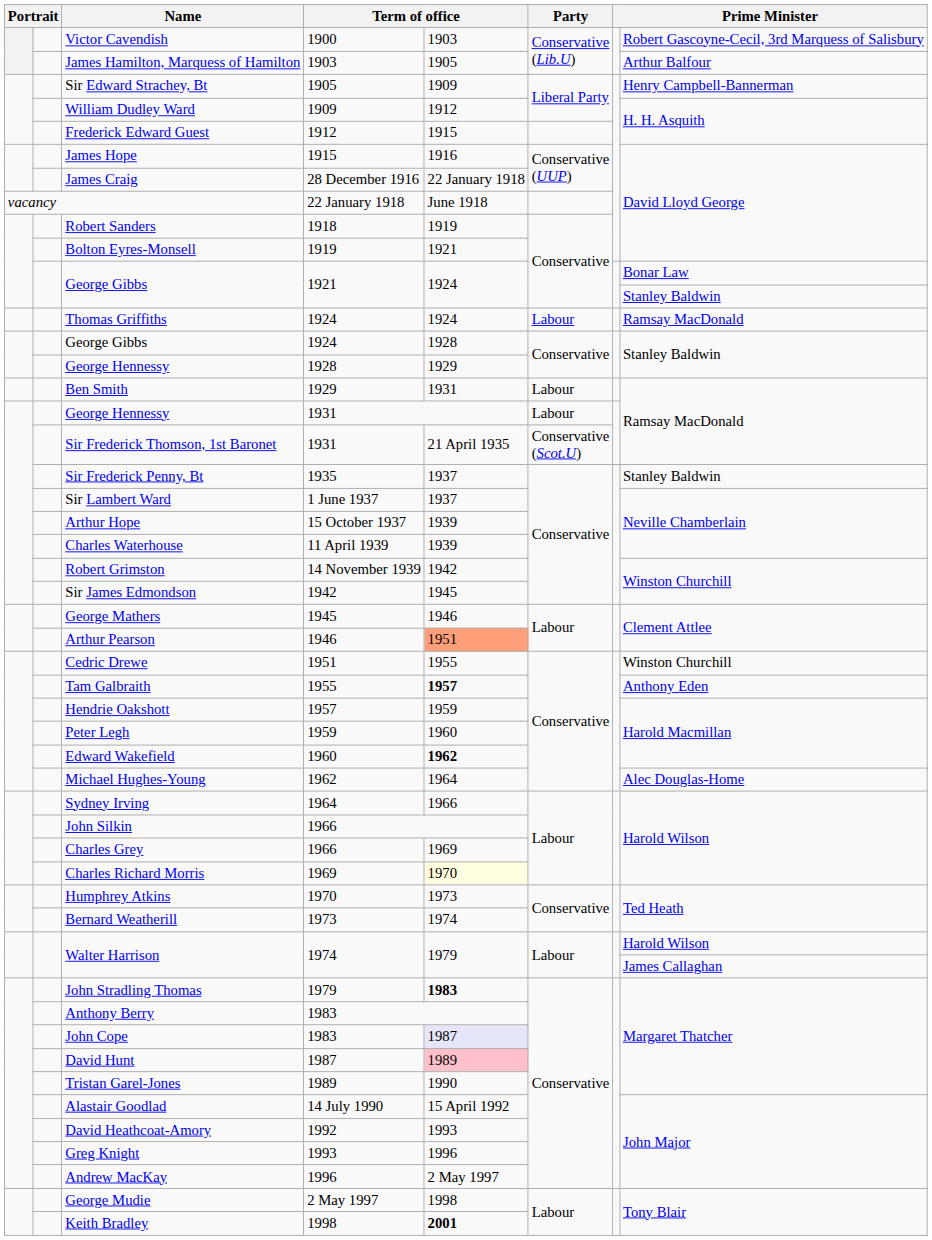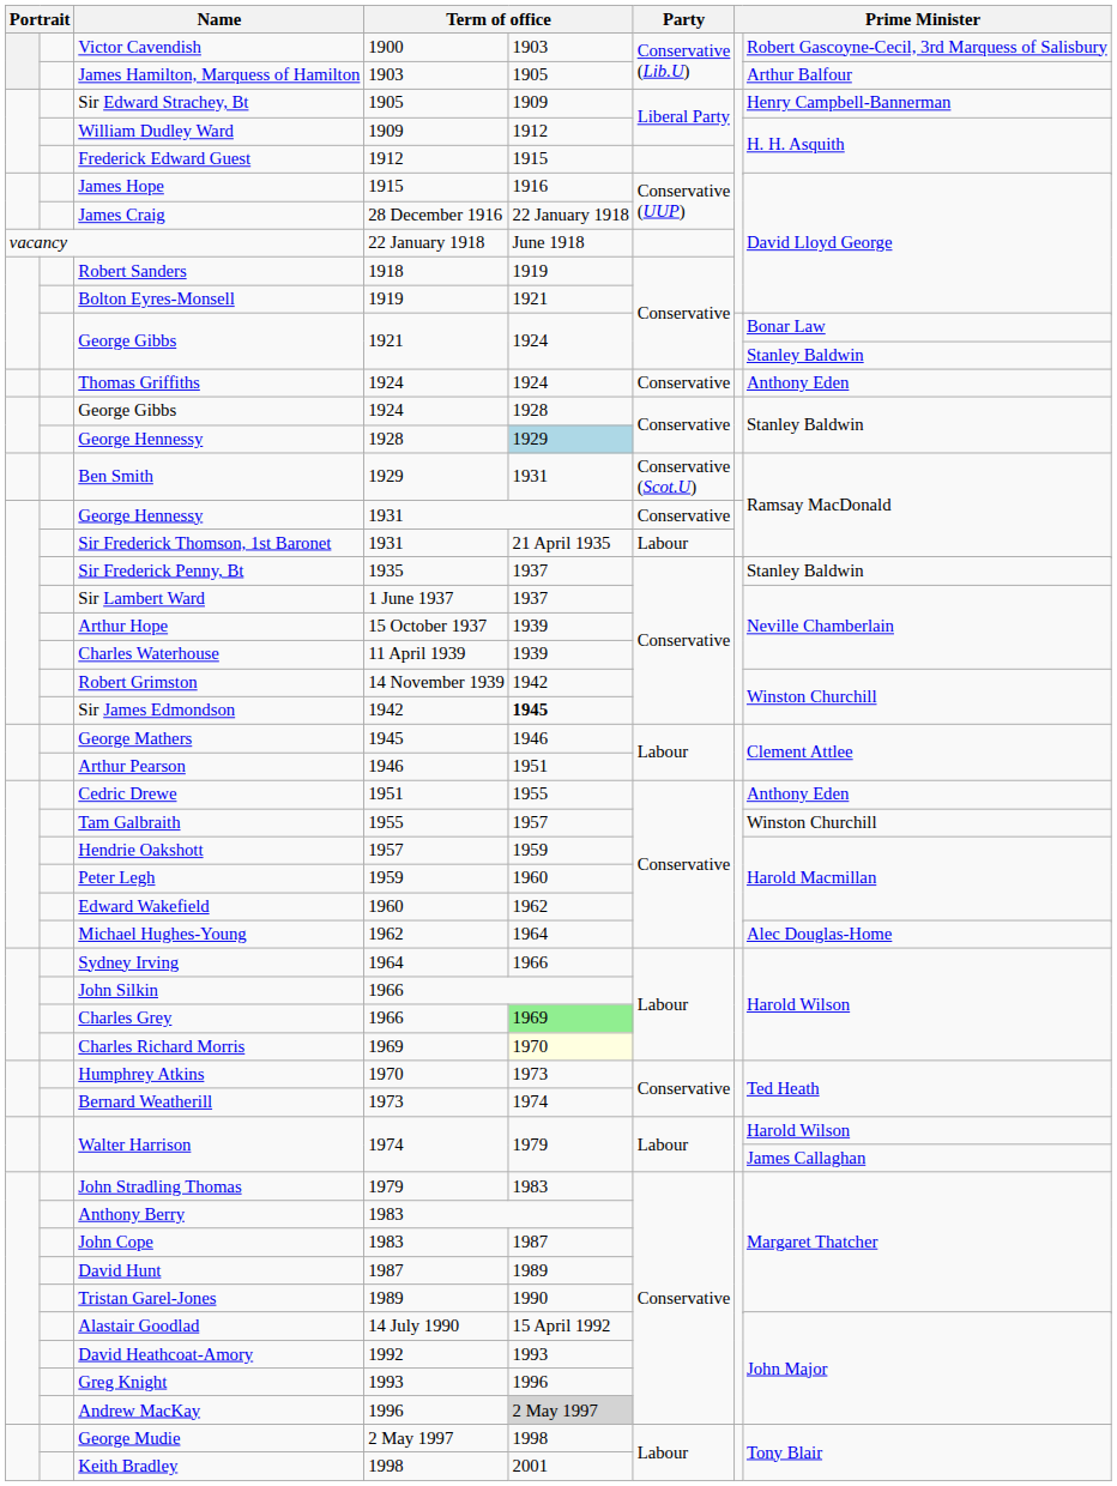 <table class="wikitable">
 <tr>
 <th colspan=2>Portrait</th>
 <th>Name</th>
 <th colspan=2>Term of office</th>
 <th>Party</th>
 <th colspan=2>Prime Minister</th>
 </tr>
 <tr>
 <th rowspan=3 style="background-color: "></th>
 <td rowspan=2></td>
 <td rowspan=2><a href='#'>Victor Cavendish</a></td>
 <td rowspan=2>1900</td>
 <td rowspan=2>1903</td>
 <td rowspan=3><a href='#'>Conservative</a><br>(<em><a href='#'>Lib.U</a></em>)</td>
 <td rowspan=3 style="background-color: "></td>
 <td><a href='#'>Robert Gascoyne-Cecil, 3rd Marquess of Salisbury</a></td>
 </tr>
 <tr>
 <td rowspan=2><a href='#'>Arthur Balfour</a></td>
 </tr>
 <tr>
 <td></td>
 <td><a href='#'>James Hamilton, Marquess of Hamilton</a></td>
 <td>1903</td>
 <td>1905</td>
 </tr>
 <tr>
 <td rowspan=4 style="background:"></td>
 <td rowspan=2></td>
 <td rowspan=2>Sir <a href='#'>Edward Strachey, Bt</a></td>
 <td rowspan=2>1905</td>
 <td rowspan=2>1909</td>
 <td rowspan=3><a href='#'>Liberal Party</a></td>
 <td rowspan=11 style="background:"></td>
 <td><a href='#'>Henry Campbell-Bannerman</a></td>
 </tr>
 <tr>
 <td rowspan=4><a href='#'>H. H. Asquith</a></td>
 </tr>
 <tr>
 <td></td>
 <td><a href='#'>William Dudley Ward</a></td>
 <td>1909</td>
 <td>1912</td>
 </tr>
 <tr>
 <td></td>
 <td><a href='#'>Frederick Edward Guest</a></td>
 <td>1912</td>
 <td>1915</td>
 </tr>
 <tr>
 <td rowspan=3 style="background-color: "></td>
 <td rowspan=2></td>
 <td rowspan=2><a href='#'>James Hope</a></td>
 <td rowspan=2>1915</td>
 <td rowspan=2>1916</td>
 <td rowspan=3>Conservative<br>(<em><a href='#'>UUP</a></em>)</td>
 </tr>
 <tr>
 <td rowspan=6><a href='#'>David Lloyd George</a></td>
 </tr>
 <tr>
 <td></td>
 <td><a href='#'>James Craig</a></td>
 <td>28 December 1916</td>
 <td>22 January 1918</td>
 </tr>
 <tr>
 <td colspan=3><em>vacancy</em></td>
 <td>22 January 1918</td>
 <td>June 1918</td>
 </tr>
 <tr>
 <td rowspan=5 style="background-color: "></td>
 <td></td>
 <td><a href='#'>Robert Sanders</a></td>
 <td>1918</td>
 <td>1919</td>
 <td rowspan=5>Conservative</td>
 </tr>
 <tr>
 <td></td>
 <td><a href='#'>Bolton Eyres-Monsell</a></td>
 <td>1919</td>
 <td>1921</td>
 </tr>
 <tr>
 <td rowspan=3></td>
 <td rowspan=3><a href='#'>George Gibbs</a></td>
 <td rowspan=3>1921</td>
 <td rowspan=3>1924</td>
 </tr>
 <tr>
 <td rowspan=2 style="background-color: "></td>
 <td><a href='#'>Bonar Law</a></td>
 </tr>
 <tr>
 <td><a href='#'>Stanley Baldwin</a></td>
 </tr>
 <tr>
 <td style="background-color: "></td>
 <td></td>
 <td><a href='#'>Thomas Griffiths</a></td>
 <td>1924</td>
 <td>1924</td>
-<td><a href='#'>Labour</a></td>
+<td>Conservative</td>
 <td style="background-color: "></td>
-<td><a href='#'>Ramsay MacDonald</a></td>
+<td><a href='#'>Anthony Eden</a></td>
 </tr>
 <tr>
 <td rowspan=2 style="background-color: "></td>
 <td></td>
 <td>George Gibbs</td>
 <td>1924</td>
 <td>1928</td>
 <td rowspan=2>Conservative</td>
 <td rowspan=2 style="background-color: "></td>
 <td rowspan=2>Stanley Baldwin</td>
 </tr>
 <tr>
 <td></td>
 <td><a href='#'>George Hennessy</a></td>
 <td>1928</td>
-<td>1929</td>
+<td style="background: lightblue;">1929</td>
 </tr>
 <tr>
 <td style="background-color: "></td>
 <td></td>
 <td><a href='#'>Ben Smith</a></td>
 <td>1929</td>
 <td>1931</td>
-<td>Labour</td>
+<td>Conservative<br>(<em><a href='#'>Scot.U</a></em>)</td>
 <td style="background-color: "></td>
 <td rowspan=4>Ramsay MacDonald</td>
 </tr>
 <tr>
 <td rowspan=10 style="background-color: "></td>
 <td></td>
 <td><a href='#'>George Hennessy</a></td>
 <td colspan=2>1931</td>
-<td>Labour</td>
+<td>Conservative</td>
 <td rowspan=3 style="background-color: "></td>
 </tr>
 <tr>
 <td></td>
 <td><a href='#'>Sir Frederick Thomson, 1st Baronet</a></td>
 <td>1931</td>
 <td>21 April 1935</td>
-<td>Conservative<br>(<em><a href='#'>Scot.U</a></em>)</td>
+<td>Labour</td>
 </tr>
 <tr>
 <td rowspan=2></td>
 <td rowspan=2><a href='#'>Sir Frederick Penny, Bt</a></td>
 <td rowspan=2>1935</td>
 <td rowspan=2>1937</td>
 <td rowspan=8>Conservative</td>
 </tr>
 <tr>
 <td rowspan=7 style="background-color: "></td>
 <td>Stanley Baldwin</td>
 </tr>
 <tr>
 <td></td>
 <td>Sir <a href='#'>Lambert Ward</a></td>
 <td>1 June 1937</td>
 <td>1937</td>
 <td rowspan=4><a href='#'>Neville Chamberlain</a></td>
 </tr>
 <tr>
 <td></td>
 <td><a href='#'>Arthur Hope</a></td>
 <td>15 October 1937</td>
 <td>1939</td>
 </tr>
 <tr>
 <td></td>
 <td><a href='#'>Charles Waterhouse</a></td>
 <td>11 April 1939</td>
 <td>1939</td>
 </tr>
 <tr>
 <td rowspan=2></td>
 <td rowspan=2><a href='#'>Robert Grimston</a></td>
 <td rowspan=2>14 November 1939</td>
 <td rowspan=2>1942</td>
 </tr>
 <tr>
 <td rowspan=2><a href='#'>Winston Churchill</a></td>
 </tr>
 <tr>
 <td></td>
 <td>Sir <a href='#'>James Edmondson</a></td>
 <td>1942</td>
-<td>1945</td>
+<td><strong>1945</strong></td>
 </tr>
 <tr>
 <td rowspan=2 style="background-color: "></td>
 <td></td>
 <td><a href='#'>George Mathers</a></td>
 <td>1945</td>
 <td>1946</td>
 <td rowspan=2>Labour</td>
 <td rowspan=2 style="background-color: "></td>
 <td rowspan=2><a href='#'>Clement Attlee</a></td>
 </tr>
 <tr>
 <td></td>
 <td><a href='#'>Arthur Pearson</a></td>
 <td>1946</td>
-<td style="background: lightsalmon;">1951</td>
+<td>1951</td>
 </tr>
 <tr>
 <td rowspan=7 style="background-color: "></td>
 <td></td>
 <td><a href='#'>Cedric Drewe</a></td>
 <td>1951</td>
 <td>1955</td>
 <td rowspan=7>Conservative</td>
 <td rowspan=7 style="background-color: "></td>
-<td>Winston Churchill</td>
+<td><a href='#'>Anthony Eden</a></td>
 </tr>
 <tr>
 <td></td>
 <td><a href='#'>Tam Galbraith</a></td>
 <td>1955</td>
-<td><strong>1957</strong></td>
-<td><a href='#'>Anthony Eden</a></td>
+<td>1957</td>
+<td>Winston Churchill</td>
 </tr>
 <tr>
 <td></td>
 <td><a href='#'>Hendrie Oakshott</a></td>
 <td>1957</td>
 <td>1959</td>
 <td rowspan=4><a href='#'>Harold Macmillan</a></td>
 </tr>
 <tr>
 <td></td>
 <td><a href='#'>Peter Legh</a></td>
 <td>1959</td>
 <td>1960</td>
 </tr>
 <tr>
 <td></td>
 <td><a href='#'>Edward Wakefield</a></td>
 <td>1960</td>
-<td><strong>1962</strong></td>
+<td>1962</td>
 </tr>
 <tr>
 <td rowspan=2></td>
 <td rowspan=2><a href='#'>Michael Hughes-Young</a></td>
 <td rowspan=2>1962</td>
 <td rowspan=2>1964</td>
 </tr>
 <tr>
 <td><a href='#'>Alec Douglas-Home</a></td>
 </tr>
 <tr>
 <td rowspan=4 style="background-color: "></td>
 <td></td>
 <td><a href='#'>Sydney Irving</a></td>
 <td>1964</td>
 <td>1966</td>
 <td rowspan=4>Labour</td>
 <td rowspan=4 style="background-color: "></td>
 <td rowspan=4><a href='#'>Harold Wilson</a></td>
 </tr>
 <tr>
 <td></td>
 <td><a href='#'>John Silkin</a></td>
 <td colspan=2>1966</td>
 </tr>
 <tr>
 <td></td>
 <td><a href='#'>Charles Grey</a></td>
 <td>1966</td>
-<td>1969</td>
+<td style="background: lightgreen;">1969</td>
 </tr>
 <tr>
 <td></td>
 <td><a href='#'>Charles Richard Morris</a></td>
 <td>1969</td>
 <td style="background: lightyellow;">1970</td>
 </tr>
 <tr>
 <td rowspan=2 style="background-color: "></td>
 <td></td>
 <td><a href='#'>Humphrey Atkins</a></td>
 <td>1970</td>
 <td>1973</td>
 <td rowspan=2>Conservative</td>
 <td rowspan=2 style="background-color: "></td>
 <td rowspan=2><a href='#'>Ted Heath</a></td>
 </tr>
 <tr>
 <td></td>
 <td><a href='#'>Bernard Weatherill</a></td>
 <td>1973</td>
 <td>1974</td>
 </tr>
 <tr>
 <td rowspan=2 style="background-color: "></td>
 <td rowspan=2></td>
 <td rowspan=2><a href='#'>Walter Harrison</a></td>
 <td rowspan=2>1974</td>
 <td rowspan=2>1979</td>
 <td rowspan=2>Labour</td>
 <td rowspan=2 style="background-color: "></td>
 <td><a href='#'>Harold Wilson</a></td>
 </tr>
 <tr>
 <td><a href='#'>James Callaghan</a></td>
 </tr>
 <tr>
 <td rowspan=10 style="background-color: "></td>
 <td></td>
 <td><a href='#'>John Stradling Thomas</a></td>
 <td>1979</td>
-<td><strong>1983</strong></td>
+<td>1983</td>
 <td rowspan=10>Conservative</td>
 <td rowspan=10 style="background-color: "></td>
 <td rowspan=6><a href='#'>Margaret Thatcher</a></td>
 </tr>
 <tr>
 <td></td>
 <td><a href='#'>Anthony Berry</a></td>
 <td colspan=2>1983</td>
 </tr>
 <tr>
 <td></td>
 <td><a href='#'>John Cope</a></td>
 <td>1983</td>
-<td style="background: lavender;">1987</td>
+<td>1987</td>
 </tr>
 <tr>
 <td></td>
 <td><a href='#'>David Hunt</a></td>
 <td>1987</td>
-<td style="background: pink;">1989</td>
+<td>1989</td>
 </tr>
 <tr>
 <td></td>
 <td><a href='#'>Tristan Garel-Jones</a></td>
 <td>1989</td>
 <td>1990</td>
 </tr>
 <tr>
 <td rowspan=2></td>
 <td rowspan=2><a href='#'>Alastair Goodlad</a></td>
 <td rowspan=2>14 July 1990</td>
 <td rowspan=2>15 April 1992</td>
 </tr>
 <tr>
 <td rowspan=4><a href='#'>John Major</a></td>
 </tr>
 <tr>
 <td></td>
 <td><a href='#'>David Heathcoat-Amory</a></td>
 <td>1992</td>
 <td>1993</td>
 </tr>
 <tr>
 <td></td>
 <td><a href='#'>Greg Knight</a></td>
 <td>1993</td>
 <td>1996</td>
 </tr>
 <tr>
 <td></td>
 <td><a href='#'>Andrew MacKay</a></td>
 <td>1996</td>
-<td>2 May 1997</td>
+<td style="background: lightgrey;">2 May 1997</td>
 </tr>
 <tr>
 <td rowspan=2 style="background-color: "></td>
 <td></td>
 <td><a href='#'>George Mudie</a></td>
 <td>2 May 1997</td>
 <td>1998</td>
 <td rowspan=2>Labour</td>
 <td rowspan=2 style="background-color: "></td>
 <td rowspan=2><a href='#'>Tony Blair</a></td>
 </tr>
 <tr>
 <td></td>
 <td><a href='#'>Keith Bradley</a></td>
 <td>1998</td>
-<td><strong>2001</strong></td>
+<td>2001</td>
 </tr>
 </table>
